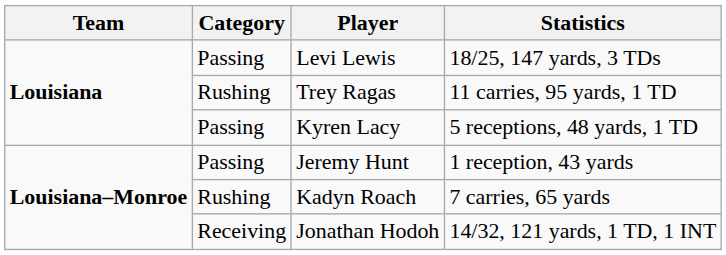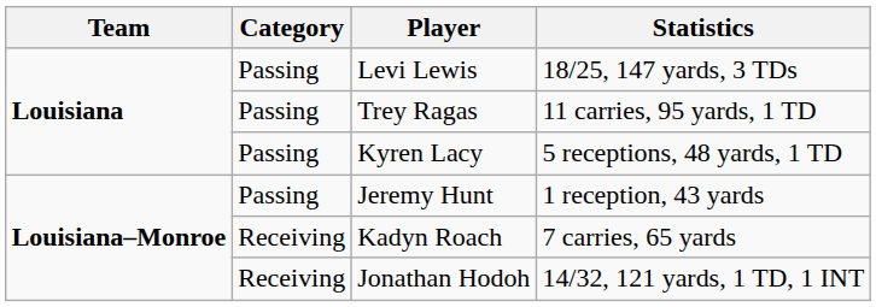 <table class="wikitable" style="float: left;">
 <tr>
 <th>Team</th>
 <th>Category</th>
 <th>Player</th>
 <th>Statistics</th>
 </tr>
 <tr>
 <td rowspan=3><strong>Louisiana</strong></td>
 <td>Passing</td>
 <td>Levi Lewis</td>
 <td>18/25, 147 yards, 3 TDs</td>
 </tr>
 <tr>
-<td>Rushing</td>
+<td>Passing</td>
 <td>Trey Ragas</td>
 <td>11 carries, 95 yards, 1 TD</td>
 </tr>
 <tr>
 <td>Passing</td>
 <td>Kyren Lacy</td>
 <td>5 receptions, 48 yards, 1 TD</td>
 </tr>
 <tr>
 <td rowspan=3><strong>Louisiana–Monroe</strong></td>
 <td>Passing</td>
 <td>Jeremy Hunt</td>
 <td>1 reception, 43 yards</td>
 </tr>
 <tr>
-<td>Rushing</td>
+<td>Receiving</td>
 <td>Kadyn Roach</td>
 <td>7 carries, 65 yards</td>
 </tr>
 <tr>
 <td>Receiving</td>
 <td>Jonathan Hodoh</td>
 <td>14/32, 121 yards, 1 TD, 1 INT</td>
 </tr>
 </table>
